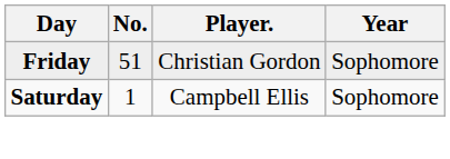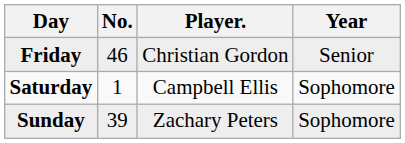 <table class="wikitable non-sortable">
 <tr>
 <th style="text-align:center; ">Day</th>
 <th style="text-align:center; ">No.</th>
 <th style="text-align:center; ">Player.</th>
 <th style="text-align:center; ">Year</th>
 </tr>
 <tr style="background:#eeeeee;text-align:center;">
 <td><strong>Friday</strong></td>
-<td>51</td>
+<td>46</td>
 <td>Christian Gordon</td>
-<td>Sophomore</td>
+<td>Senior</td>
 </tr>
 <tr style="text-align:center;">
 <td><strong>Saturday</strong></td>
 <td>1</td>
 <td>Campbell Ellis</td>
 <td>Sophomore</td>
 </tr>
+<tr style="background:#eeeeee;text-align:center;">
+<td><strong>Sunday</strong></td>
+<td>39</td>
+<td>Zachary Peters</td>
+<td>Sophomore</td>
+</tr>
 </table>
